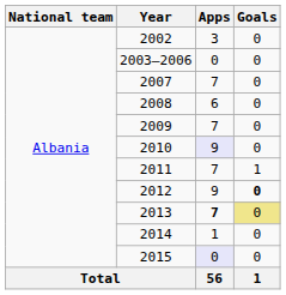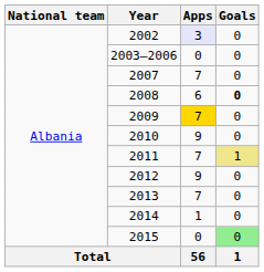 <table class="wikitable" style="text-align:center">
 <tr>
 <th>National team</th>
 <th>Year</th>
 <th>Apps</th>
 <th>Goals</th>
 </tr>
 <tr>
 <td rowspan="11"><a href='#'>Albania</a></td>
 <td>2002</td>
-<td>3</td>
+<td style="background: lavender;">3</td>
 <td>0</td>
 </tr>
 <tr>
 <td>2003–2006</td>
 <td>0</td>
 <td>0</td>
 </tr>
 <tr>
 <td>2007</td>
 <td>7</td>
 <td>0</td>
 </tr>
 <tr>
 <td>2008</td>
 <td>6</td>
-<td>0</td>
+<td><strong>0</strong></td>
 </tr>
 <tr>
 <td>2009</td>
-<td>7</td>
+<td style="background: gold;">7</td>
 <td>0</td>
 </tr>
 <tr>
 <td>2010</td>
-<td style="background: lavender;">9</td>
+<td>9</td>
 <td>0</td>
 </tr>
 <tr>
 <td>2011</td>
 <td>7</td>
-<td>1</td>
+<td style="background: khaki;">1</td>
 </tr>
 <tr>
 <td>2012</td>
 <td>9</td>
-<td><strong>0</strong></td>
+<td>0</td>
 </tr>
 <tr>
 <td>2013</td>
-<td><strong>7</strong></td>
-<td style="background: khaki;">0</td>
+<td>7</td>
+<td>0</td>
 </tr>
 <tr>
 <td>2014</td>
 <td>1</td>
 <td>0</td>
 </tr>
 <tr>
 <td>2015</td>
-<td style="background: lavender;">0</td>
 <td>0</td>
+<td style="background: lightgreen;">0</td>
 </tr>
 <tr>
 <th colspan="2">Total</th>
 <th>56</th>
 <th>1</th>
 </tr>
 </table>
